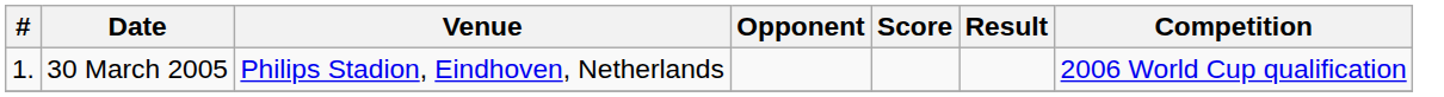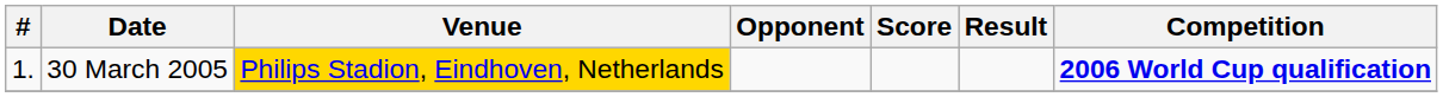 <table class="wikitable">
 <tr>
 <th>#</th>
 <th>Date</th>
 <th>Venue</th>
 <th>Opponent</th>
 <th>Score</th>
 <th>Result</th>
 <th>Competition</th>
 </tr>
 <tr>
 <td>1.</td>
 <td>30 March 2005</td>
-<td><a href='#'>Philips Stadion</a>, <a href='#'>Eindhoven</a>, Netherlands</td>
+<td style="background: gold;"><a href='#'>Philips Stadion</a>, <a href='#'>Eindhoven</a>, Netherlands</td>
 <td></td>
 <td></td>
 <td></td>
-<td><a href='#'>2006 World Cup qualification</a></td>
+<td><strong><a href='#'>2006 World Cup qualification</a></strong></td>
 </tr>
 <tr>
 </tr>
 </table>
